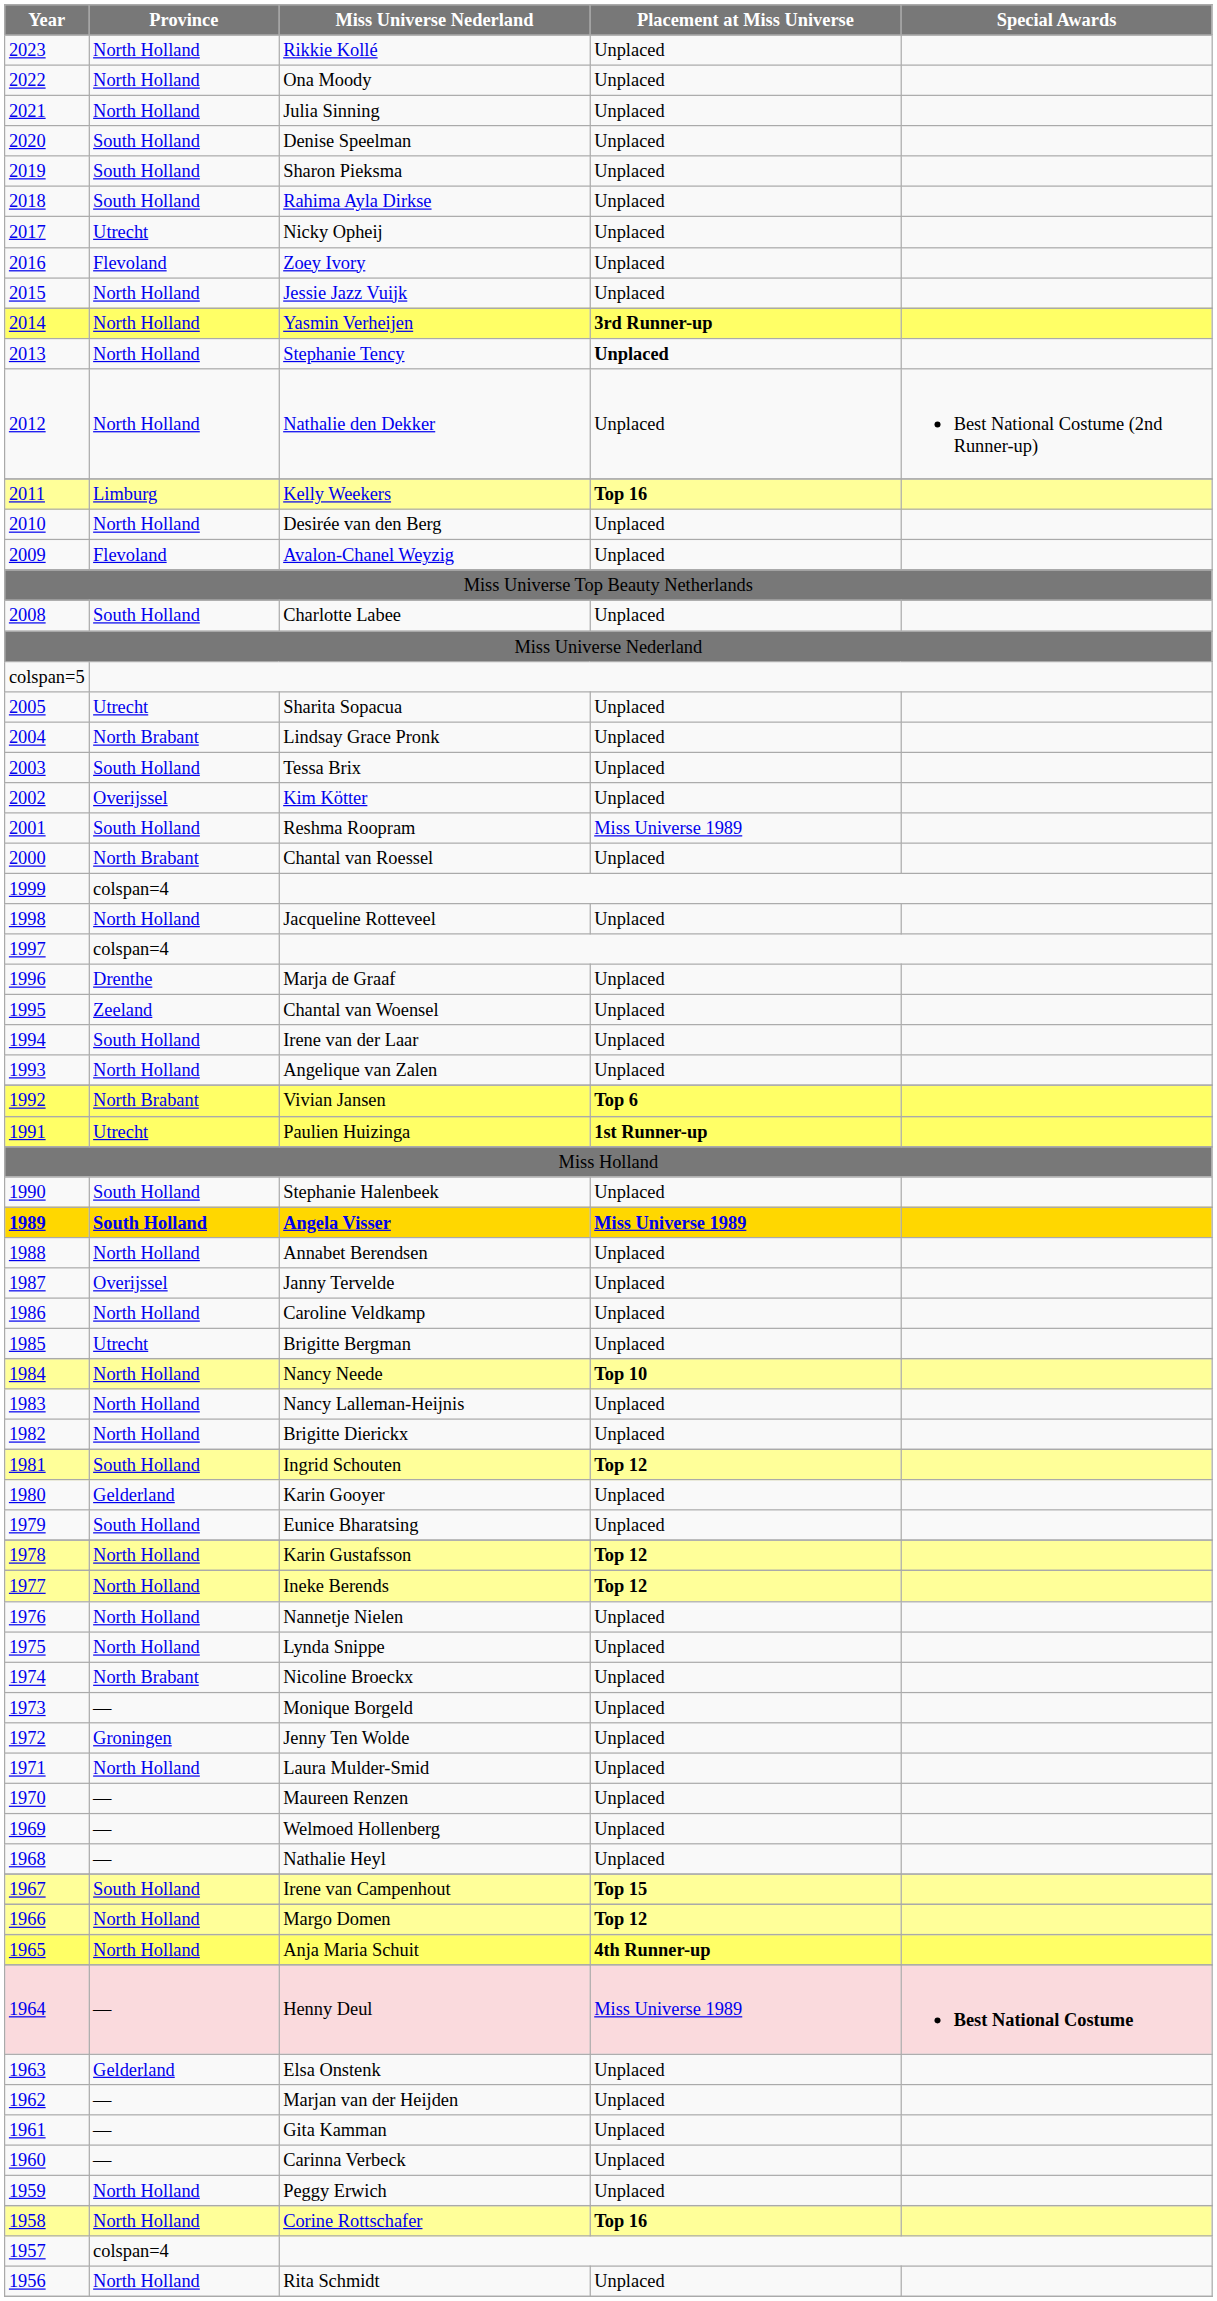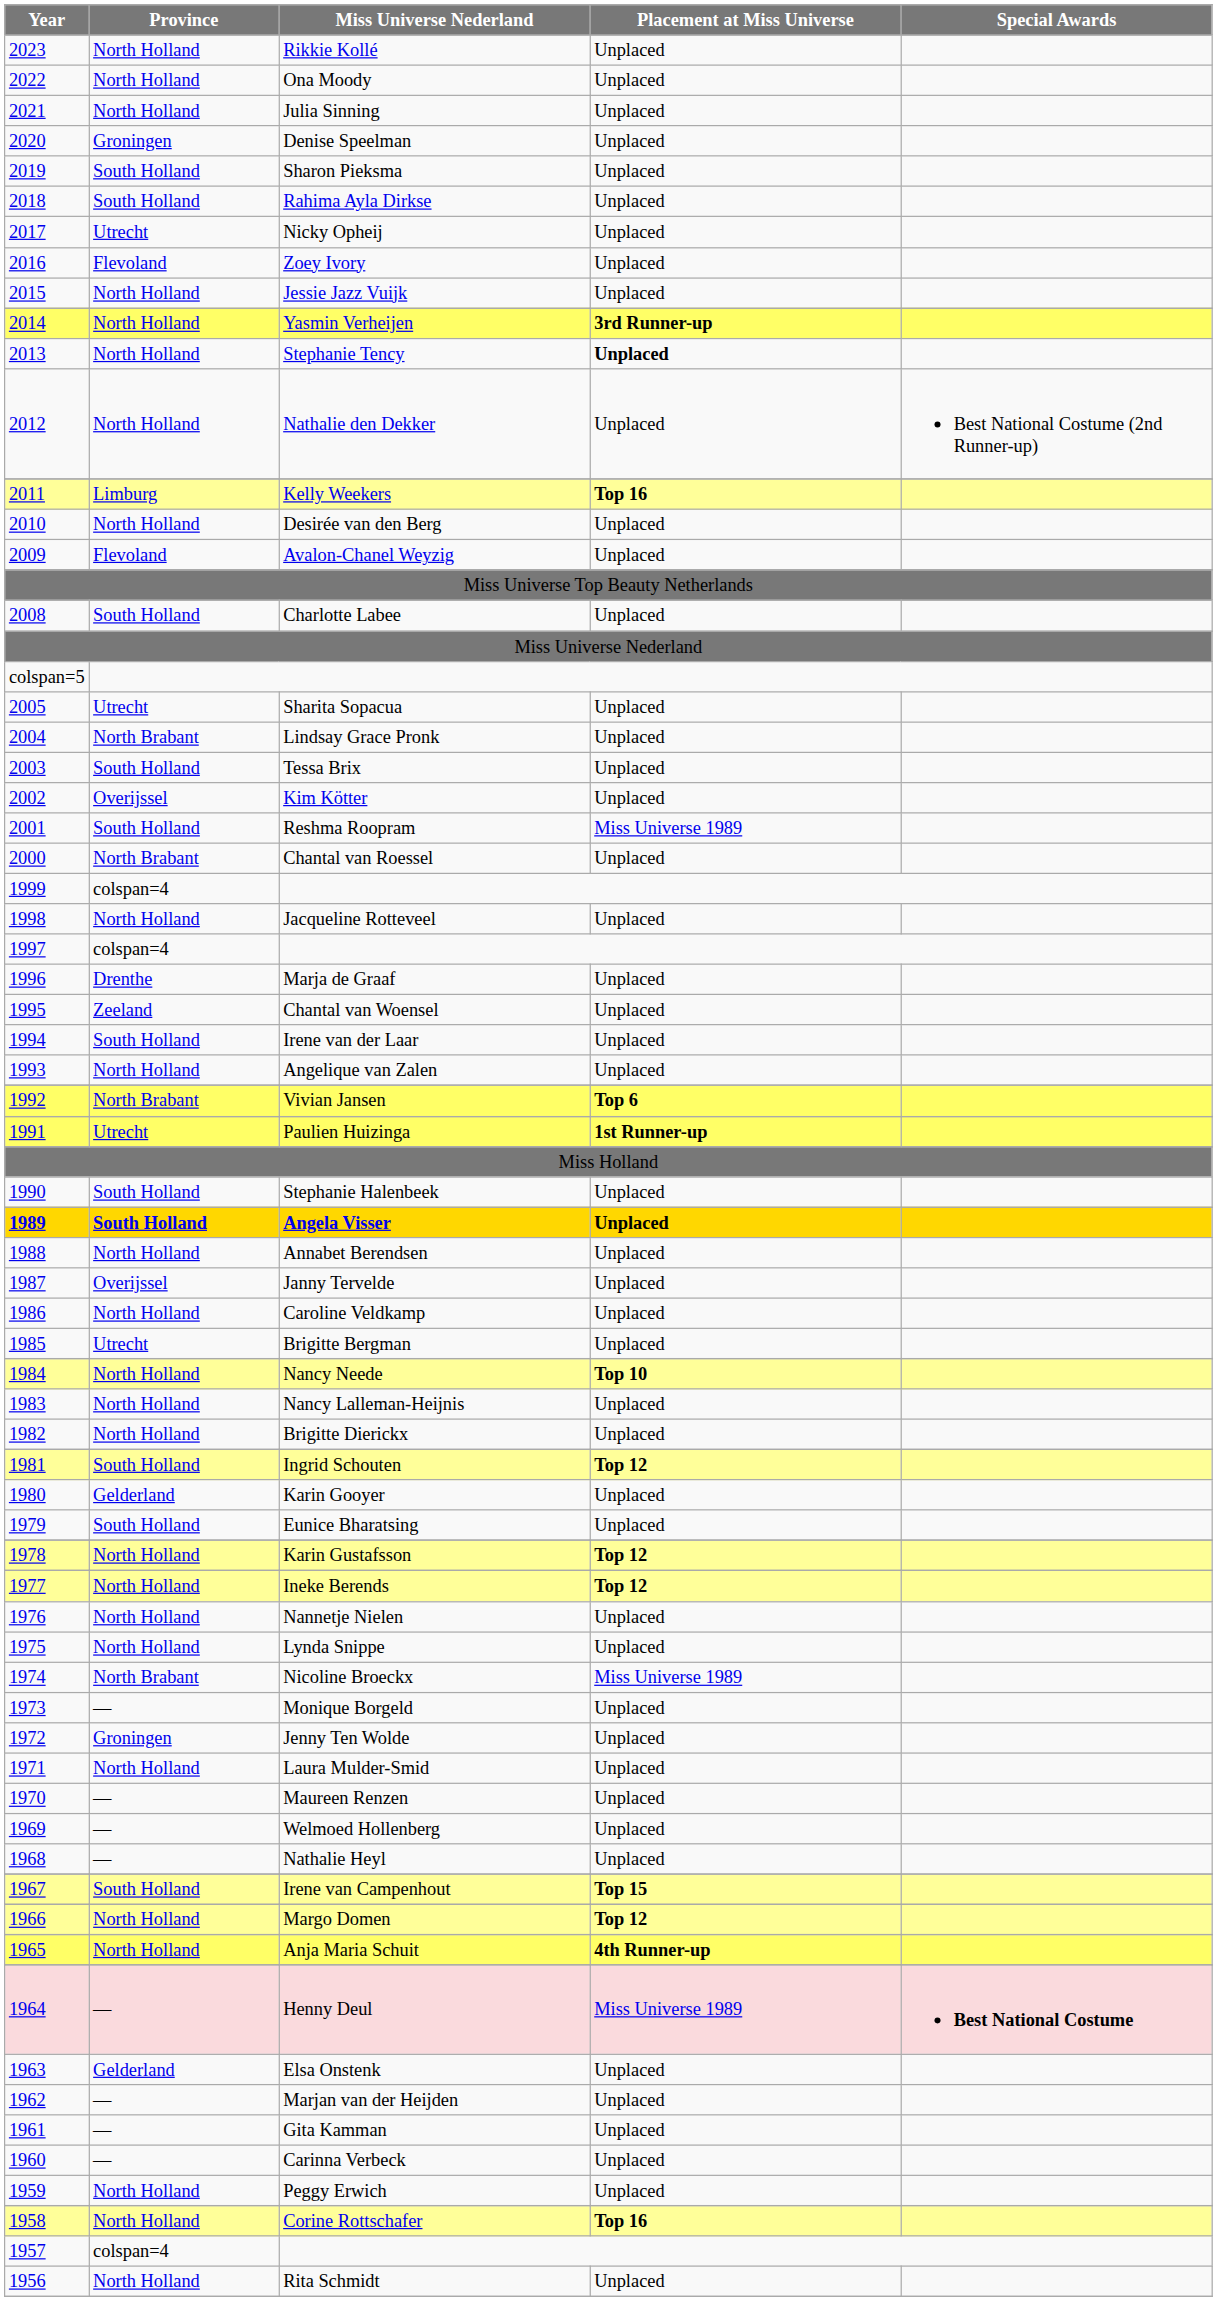 <table class="wikitable " style="font-size: 95%;">
 <tr>
 <th width="60" style="background-color:#787878;color:#FFFFFF;">Year</th>
 <th width="150" style="background-color:#787878;color:#FFFFFF;">Province</th>
 <th width="250" style="background-color:#787878;color:#FFFFFF;">Miss Universe Nederland</th>
 <th width="250" style="background-color:#787878;color:#FFFFFF;">Placement at Miss Universe</th>
 <th width="250" style="background-color:#787878;color:#FFFFFF;">Special Awards</th>
 </tr>
 <tr>
 <td><a href='#'>2023</a></td>
 <td><a href='#'>North Holland</a></td>
 <td><a href='#'>Rikkie Kollé</a></td>
 <td>Unplaced</td>
 <td></td>
 </tr>
 <tr>
 <td><a href='#'>2022</a></td>
 <td><a href='#'>North Holland</a></td>
 <td>Ona Moody</td>
 <td>Unplaced</td>
 <td></td>
 </tr>
 <tr>
 <td><a href='#'>2021</a></td>
 <td><a href='#'>North Holland</a></td>
 <td>Julia Sinning</td>
 <td>Unplaced</td>
 <td></td>
 </tr>
 <tr>
 <td><a href='#'>2020</a></td>
-<td><a href='#'>South Holland</a></td>
+<td><a href='#'>Groningen</a></td>
 <td>Denise Speelman</td>
 <td>Unplaced</td>
 <td></td>
 </tr>
 <tr>
 <td><a href='#'>2019</a></td>
 <td><a href='#'>South Holland</a></td>
 <td>Sharon Pieksma</td>
 <td>Unplaced</td>
 <td></td>
 </tr>
 <tr>
 <td><a href='#'>2018</a></td>
 <td><a href='#'>South Holland</a></td>
 <td><a href='#'>Rahima Ayla Dirkse</a></td>
 <td>Unplaced</td>
 <td></td>
 </tr>
 <tr>
 <td><a href='#'>2017</a></td>
 <td><a href='#'>Utrecht</a></td>
 <td>Nicky Opheij</td>
 <td>Unplaced</td>
 <td></td>
 </tr>
 <tr>
 <td><a href='#'>2016</a></td>
 <td><a href='#'>Flevoland</a></td>
 <td><a href='#'>Zoey Ivory</a></td>
 <td>Unplaced</td>
 <td></td>
 </tr>
 <tr>
 <td><a href='#'>2015</a></td>
 <td><a href='#'>North Holland</a></td>
 <td><a href='#'>Jessie Jazz Vuijk</a></td>
 <td>Unplaced</td>
 <td></td>
 </tr>
 <tr>
 </tr>
 <tr style="background-color:#FFFF66; ">
 <td><a href='#'>2014</a></td>
 <td><a href='#'>North Holland</a></td>
 <td><a href='#'>Yasmin Verheijen</a></td>
 <td><strong>3rd Runner-up</strong></td>
 <td></td>
 </tr>
 <tr>
 <td><a href='#'>2013</a></td>
 <td><a href='#'>North Holland</a></td>
 <td><a href='#'>Stephanie Tency</a></td>
 <td><strong>Unplaced</strong></td>
 <td></td>
 </tr>
 <tr>
 <td><a href='#'>2012</a></td>
 <td><a href='#'>North Holland</a></td>
 <td><a href='#'>Nathalie den Dekker</a></td>
 <td>Unplaced</td>
 <td align="left"><br><ul><li>Best National Costume (2nd Runner-up)</li></ul></td>
 </tr>
 <tr>
 </tr>
 <tr style="background-color:#FFFF99; ">
 <td><a href='#'>2011</a></td>
 <td><a href='#'>Limburg</a></td>
 <td><a href='#'>Kelly Weekers</a></td>
 <td><strong>Top 16</strong></td>
 <td></td>
 </tr>
 <tr>
 <td><a href='#'>2010</a></td>
 <td><a href='#'>North Holland</a></td>
 <td>Desirée van den Berg</td>
 <td>Unplaced</td>
 <td></td>
 </tr>
 <tr>
 <td><a href='#'>2009</a></td>
 <td><a href='#'>Flevoland</a></td>
 <td><a href='#'>Avalon-Chanel Weyzig</a></td>
 <td>Unplaced</td>
 <td></td>
 </tr>
 <tr>
 </tr>
 <tr bgcolor="#787878" align="center">
 <td colspan="5"><span>Miss Universe Top Beauty Netherlands</span></td>
 </tr>
 <tr>
 <td><a href='#'>2008</a></td>
 <td><a href='#'>South Holland</a></td>
 <td>Charlotte Labee</td>
 <td>Unplaced</td>
 <td></td>
 </tr>
 <tr>
 </tr>
 <tr bgcolor="#787878" align="center">
 <td colspan="5"><span>Miss Universe Nederland</span></td>
 </tr>
 <tr>
 <td>colspan=5 </td>
 </tr>
 <tr>
 <td><a href='#'>2005</a></td>
 <td><a href='#'>Utrecht</a></td>
 <td>Sharita Sopacua</td>
 <td>Unplaced</td>
 <td></td>
 </tr>
 <tr>
 <td><a href='#'>2004</a></td>
 <td><a href='#'>North Brabant</a></td>
 <td>Lindsay Grace Pronk</td>
 <td>Unplaced</td>
 <td></td>
 </tr>
 <tr>
 <td><a href='#'>2003</a></td>
 <td><a href='#'>South Holland</a></td>
 <td>Tessa Brix</td>
 <td>Unplaced</td>
 <td></td>
 </tr>
 <tr>
 <td><a href='#'>2002</a></td>
 <td><a href='#'>Overijssel</a></td>
 <td><a href='#'>Kim Kötter</a></td>
 <td>Unplaced</td>
 <td></td>
 </tr>
 <tr>
 <td><a href='#'>2001</a></td>
 <td><a href='#'>South Holland</a></td>
 <td>Reshma Roopram</td>
 <td><a href='#'>Miss Universe 1989</a></td>
 <td></td>
 </tr>
 <tr>
 <td><a href='#'>2000</a></td>
 <td><a href='#'>North Brabant</a></td>
 <td>Chantal van Roessel</td>
 <td>Unplaced</td>
 <td></td>
 </tr>
 <tr>
 <td><a href='#'>1999</a></td>
 <td>colspan=4 </td>
 </tr>
 <tr>
 <td><a href='#'>1998</a></td>
 <td><a href='#'>North Holland</a></td>
 <td>Jacqueline Rotteveel</td>
 <td>Unplaced</td>
 <td></td>
 </tr>
 <tr>
 <td><a href='#'>1997</a></td>
 <td>colspan=4 </td>
 </tr>
 <tr>
 <td><a href='#'>1996</a></td>
 <td><a href='#'>Drenthe</a></td>
 <td>Marja de Graaf</td>
 <td>Unplaced</td>
 <td></td>
 </tr>
 <tr>
 <td><a href='#'>1995</a></td>
 <td><a href='#'>Zeeland</a></td>
 <td>Chantal van Woensel</td>
 <td>Unplaced</td>
 <td></td>
 </tr>
 <tr>
 <td><a href='#'>1994</a></td>
 <td><a href='#'>South Holland</a></td>
 <td>Irene van der Laar</td>
 <td>Unplaced</td>
 <td></td>
 </tr>
 <tr>
 <td><a href='#'>1993</a></td>
 <td><a href='#'>North Holland</a></td>
 <td>Angelique van Zalen</td>
 <td>Unplaced</td>
 <td></td>
 </tr>
 <tr>
 </tr>
 <tr style="background-color:#FFFF66; ">
 <td><a href='#'>1992</a></td>
 <td><a href='#'>North Brabant</a></td>
 <td>Vivian Jansen</td>
 <td><strong>Top 6</strong></td>
 <td></td>
 </tr>
 <tr>
 </tr>
 <tr style="background-color:#FFFF66; ">
 <td><a href='#'>1991</a></td>
 <td><a href='#'>Utrecht</a></td>
 <td>Paulien Huizinga</td>
 <td><strong>1st Runner-up</strong></td>
 <td></td>
 </tr>
 <tr>
 </tr>
 <tr bgcolor="#787878" align="center">
 <td colspan="5"><span>Miss Holland</span></td>
 </tr>
 <tr>
 <td><a href='#'>1990</a></td>
 <td><a href='#'>South Holland</a></td>
 <td>Stephanie Halenbeek</td>
 <td>Unplaced</td>
 <td></td>
 </tr>
 <tr>
 </tr>
 <tr style="background-color:gold; font-weight: bold ">
 <td><a href='#'>1989</a></td>
 <td><a href='#'>South Holland</a></td>
 <td><a href='#'>Angela Visser</a></td>
-<td><a href='#'>Miss Universe 1989</a></td>
+<td>Unplaced</td>
 <td></td>
 </tr>
 <tr>
 <td><a href='#'>1988</a></td>
 <td><a href='#'>North Holland</a></td>
 <td>Annabet Berendsen</td>
 <td>Unplaced</td>
 <td></td>
 </tr>
 <tr>
 <td><a href='#'>1987</a></td>
 <td><a href='#'>Overijssel</a></td>
 <td>Janny Tervelde</td>
 <td>Unplaced</td>
 <td></td>
 </tr>
 <tr>
 <td><a href='#'>1986</a></td>
 <td><a href='#'>North Holland</a></td>
 <td>Caroline Veldkamp</td>
 <td>Unplaced</td>
 <td></td>
 </tr>
 <tr>
 <td><a href='#'>1985</a></td>
 <td><a href='#'>Utrecht</a></td>
 <td>Brigitte Bergman</td>
 <td>Unplaced</td>
 <td></td>
 </tr>
 <tr>
 </tr>
 <tr style="background-color:#FFFF99; ">
 <td><a href='#'>1984</a></td>
 <td><a href='#'>North Holland</a></td>
 <td>Nancy Neede</td>
 <td><strong>Top 10</strong></td>
 <td></td>
 </tr>
 <tr>
 <td><a href='#'>1983</a></td>
 <td><a href='#'>North Holland</a></td>
 <td>Nancy Lalleman-Heijnis</td>
 <td>Unplaced</td>
 <td></td>
 </tr>
 <tr>
 <td><a href='#'>1982</a></td>
 <td><a href='#'>North Holland</a></td>
 <td>Brigitte Dierickx</td>
 <td>Unplaced</td>
 <td></td>
 </tr>
 <tr>
 </tr>
 <tr style="background-color:#FFFF99; ">
 <td><a href='#'>1981</a></td>
 <td><a href='#'>South Holland</a></td>
 <td>Ingrid Schouten</td>
 <td><strong>Top 12</strong></td>
 <td></td>
 </tr>
 <tr>
 <td><a href='#'>1980</a></td>
 <td><a href='#'>Gelderland</a></td>
 <td>Karin Gooyer</td>
 <td>Unplaced</td>
 <td></td>
 </tr>
 <tr>
 <td><a href='#'>1979</a></td>
 <td><a href='#'>South Holland</a></td>
 <td>Eunice Bharatsing</td>
 <td>Unplaced</td>
 <td></td>
 </tr>
 <tr>
 </tr>
 <tr style="background-color:#FFFF99; ">
 <td><a href='#'>1978</a></td>
 <td><a href='#'>North Holland</a></td>
 <td>Karin Gustafsson</td>
 <td><strong>Top 12</strong></td>
 <td></td>
 </tr>
 <tr>
 </tr>
 <tr style="background-color:#FFFF99; ">
 <td><a href='#'>1977</a></td>
 <td><a href='#'>North Holland</a></td>
 <td>Ineke Berends</td>
 <td><strong>Top 12</strong></td>
 <td></td>
 </tr>
 <tr>
 <td><a href='#'>1976</a></td>
 <td><a href='#'>North Holland</a></td>
 <td>Nannetje Nielen</td>
 <td>Unplaced</td>
 <td></td>
 </tr>
 <tr>
 <td><a href='#'>1975</a></td>
 <td><a href='#'>North Holland</a></td>
 <td>Lynda Snippe</td>
 <td>Unplaced</td>
 <td></td>
 </tr>
 <tr>
 <td><a href='#'>1974</a></td>
 <td><a href='#'>North Brabant</a></td>
 <td>Nicoline Broeckx</td>
-<td>Unplaced</td>
+<td><a href='#'>Miss Universe 1989</a></td>
 <td></td>
 </tr>
 <tr>
 <td><a href='#'>1973</a></td>
 <td>—</td>
 <td>Monique Borgeld</td>
 <td>Unplaced</td>
 <td></td>
 </tr>
 <tr>
 <td><a href='#'>1972</a></td>
 <td><a href='#'>Groningen</a></td>
 <td>Jenny Ten Wolde</td>
 <td>Unplaced</td>
 <td></td>
 </tr>
 <tr>
 <td><a href='#'>1971</a></td>
 <td><a href='#'>North Holland</a></td>
 <td>Laura Mulder-Smid</td>
 <td>Unplaced</td>
 <td></td>
 </tr>
 <tr>
 <td><a href='#'>1970</a></td>
 <td>—</td>
 <td>Maureen Renzen</td>
 <td>Unplaced</td>
 <td></td>
 </tr>
 <tr>
 <td><a href='#'>1969</a></td>
 <td>—</td>
 <td>Welmoed Hollenberg</td>
 <td>Unplaced</td>
 <td></td>
 </tr>
 <tr>
 <td><a href='#'>1968</a></td>
 <td>—</td>
 <td>Nathalie Heyl</td>
 <td>Unplaced</td>
 <td></td>
 </tr>
 <tr>
 </tr>
 <tr style="background-color:#FFFF99; ">
 <td><a href='#'>1967</a></td>
 <td><a href='#'>South Holland</a></td>
 <td>Irene van Campenhout</td>
 <td><strong>Top 15</strong></td>
 <td></td>
 </tr>
 <tr>
 </tr>
 <tr style="background-color:#FFFF99; ">
 <td><a href='#'>1966</a></td>
 <td><a href='#'>North Holland</a></td>
 <td>Margo Domen</td>
 <td><strong>Top 12</strong></td>
 <td></td>
 </tr>
 <tr>
 </tr>
 <tr style="background-color:#FFFF66; ">
 <td><a href='#'>1965</a></td>
 <td><a href='#'>North Holland</a></td>
 <td>Anja Maria Schuit</td>
 <td><strong>4th Runner-up</strong></td>
 <td></td>
 </tr>
 <tr>
 </tr>
 <tr style="background-color:#FADADD; ">
 <td><a href='#'>1964</a></td>
 <td>—</td>
 <td>Henny Deul</td>
 <td><a href='#'>Miss Universe 1989</a></td>
 <td align="left"><br><ul><li><strong>Best National Costume</strong></li></ul></td>
 </tr>
 <tr>
 <td><a href='#'>1963</a></td>
 <td><a href='#'>Gelderland</a></td>
 <td>Elsa Onstenk</td>
 <td>Unplaced</td>
 <td></td>
 </tr>
 <tr>
 <td><a href='#'>1962</a></td>
 <td>—</td>
 <td>Marjan van der Heijden</td>
 <td>Unplaced</td>
 <td></td>
 </tr>
 <tr>
 <td><a href='#'>1961</a></td>
 <td>—</td>
 <td>Gita Kamman</td>
 <td>Unplaced</td>
 <td></td>
 </tr>
 <tr>
 <td><a href='#'>1960</a></td>
 <td>—</td>
 <td>Carinna Verbeck</td>
 <td>Unplaced</td>
 <td></td>
 </tr>
 <tr>
 <td><a href='#'>1959</a></td>
 <td><a href='#'>North Holland</a></td>
 <td>Peggy Erwich</td>
 <td>Unplaced</td>
 <td></td>
 </tr>
 <tr>
 </tr>
 <tr style="background-color:#FFFF99; ">
 <td><a href='#'>1958</a></td>
 <td><a href='#'>North Holland</a></td>
 <td><a href='#'>Corine Rottschafer</a></td>
 <td><strong>Top 16</strong></td>
 <td></td>
 </tr>
 <tr>
 <td><a href='#'>1957</a></td>
 <td>colspan=4 </td>
 </tr>
 <tr>
 <td><a href='#'>1956</a></td>
 <td><a href='#'>North Holland</a></td>
 <td>Rita Schmidt</td>
 <td>Unplaced</td>
 <td></td>
 </tr>
 <tr>
 </tr>
 </table>
